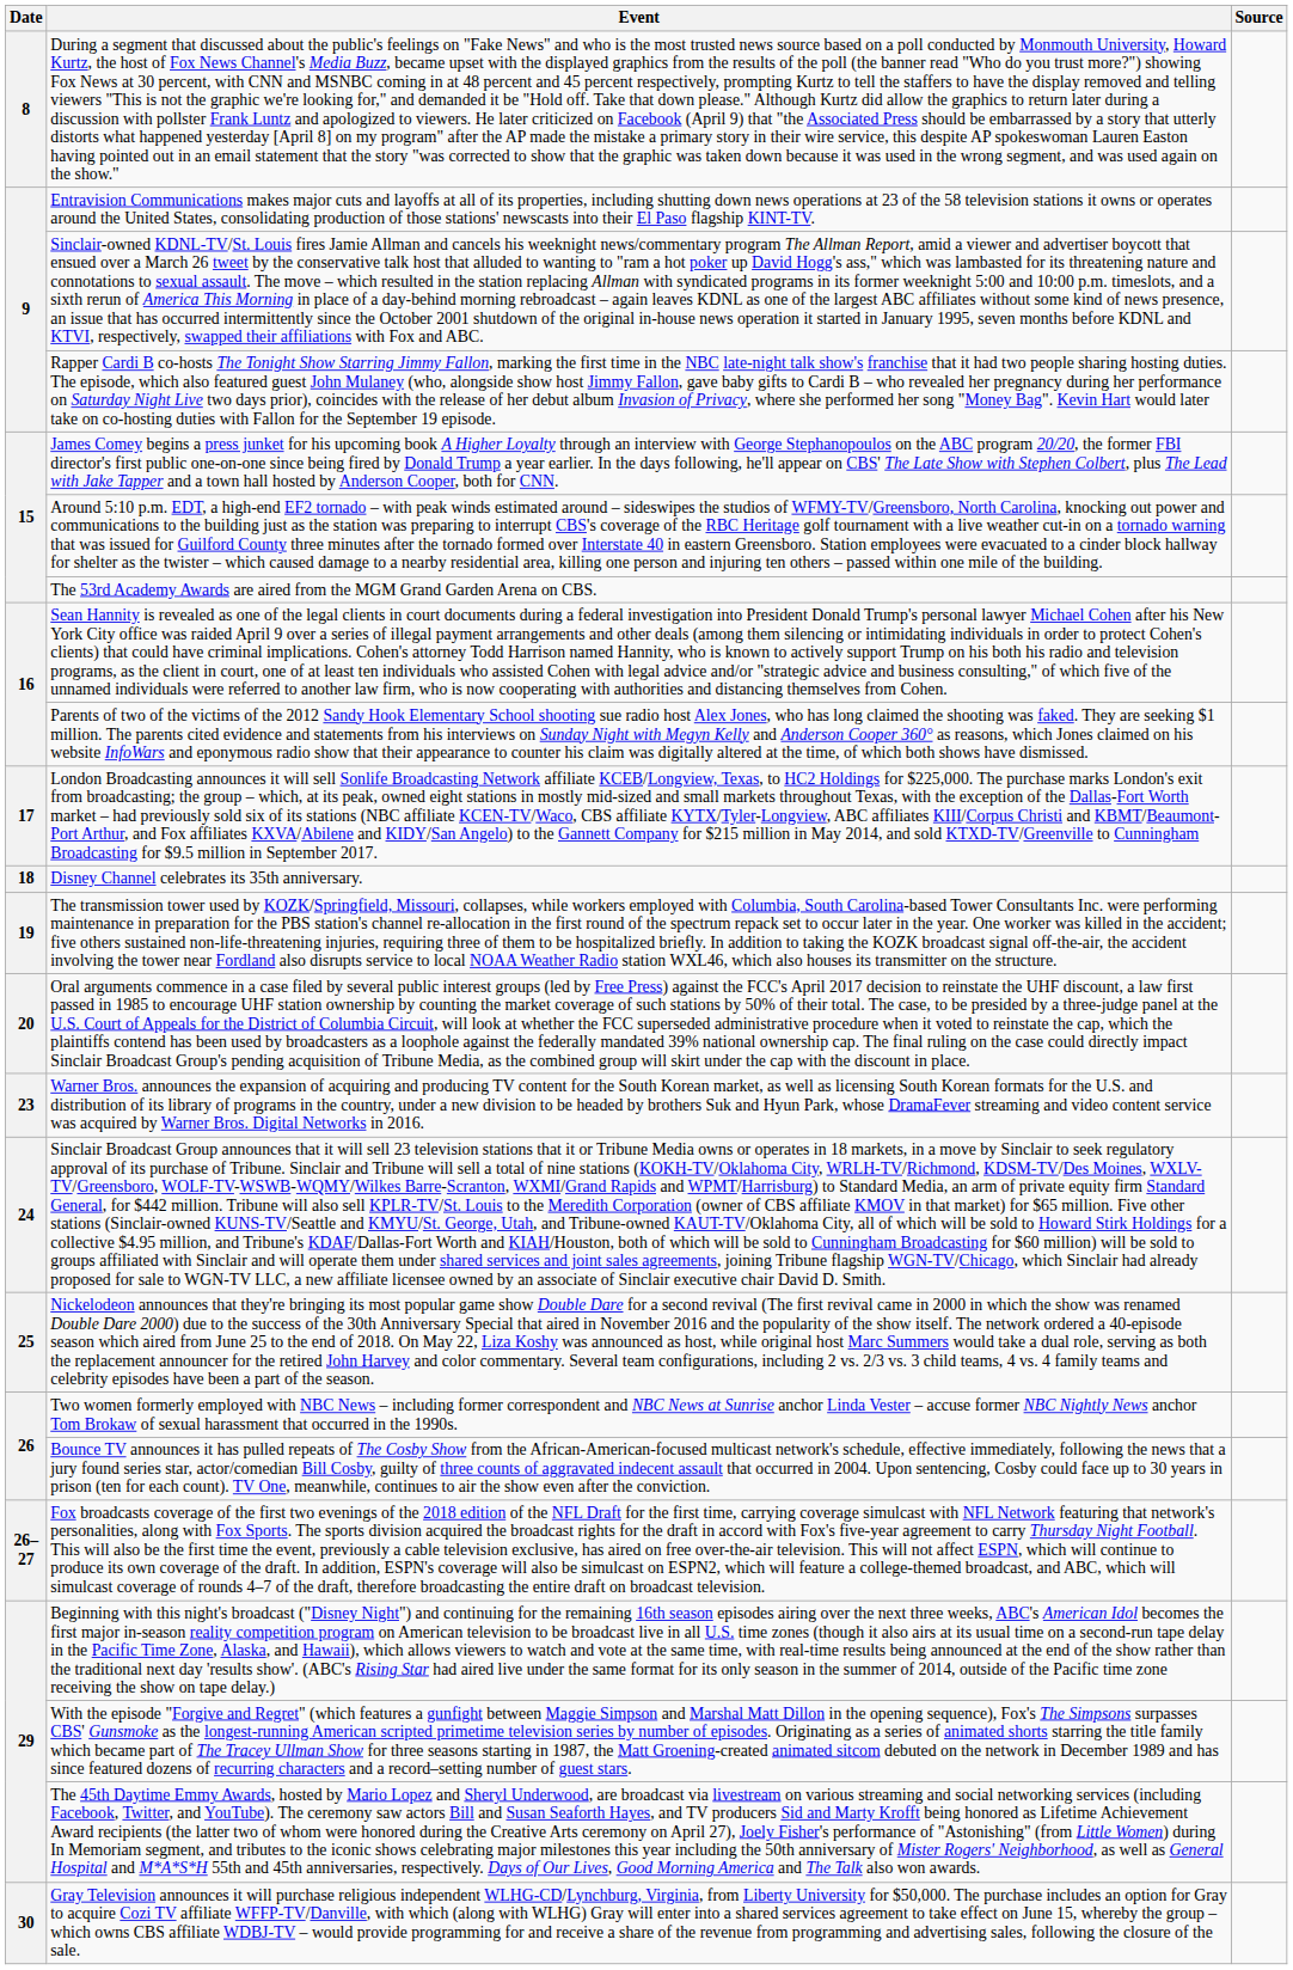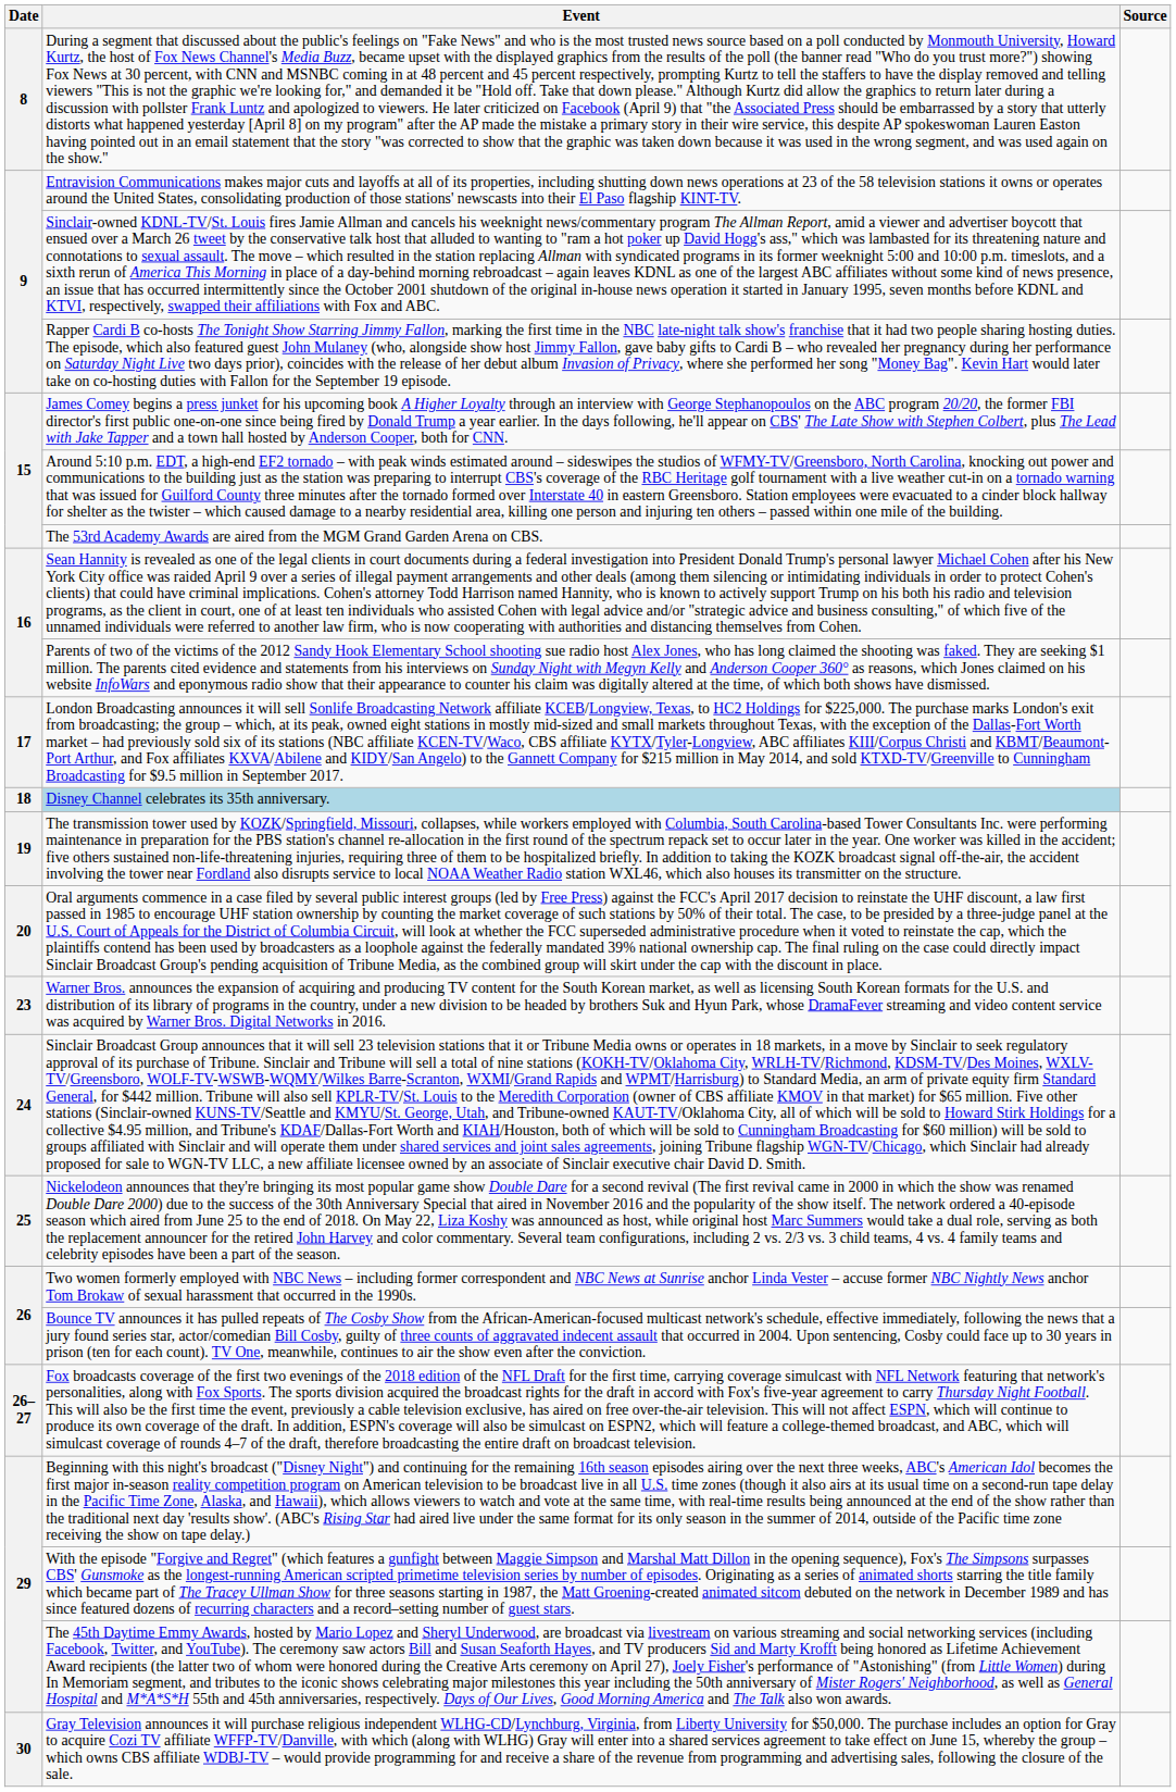 <table class="wikitable">
 <tr>
 <th>Date</th>
 <th>Event</th>
 <th>Source</th>
 </tr>
 <tr>
 <th>8</th>
 <td>During a segment that discussed about the public's feelings on "Fake News" and who is the most trusted news source based on a poll conducted by <a href='#'>Monmouth University</a>, <a href='#'>Howard Kurtz</a>, the host of <a href='#'>Fox News Channel</a>'s <em><a href='#'>Media Buzz</a></em>, became upset with the displayed graphics from the results of the poll (the banner read "Who do you trust more?") showing Fox News at 30 percent, with CNN and MSNBC coming in at 48 percent and 45 percent respectively, prompting Kurtz to tell the staffers to have the display removed and telling viewers "This is not the graphic we're looking for," and demanded it be "Hold off. Take that down please." Although Kurtz did allow the graphics to return later during a discussion with pollster <a href='#'>Frank Luntz</a> and apologized to viewers. He later criticized on <a href='#'>Facebook</a> (April 9) that "the <a href='#'>Associated Press</a> should be embarrassed by a story that utterly distorts what happened yesterday [April 8] on my program" after the AP made the mistake a primary story in their wire service, this despite AP spokeswoman Lauren Easton having pointed out in an email statement that the story "was corrected to show that the graphic was taken down because it was used in the wrong segment, and was used again on the show."</td>
 <td></td>
 </tr>
 <tr>
 <th rowspan=3>9</th>
 <td><a href='#'>Entravision Communications</a> makes major cuts and layoffs at all of its properties, including shutting down news operations at 23 of the 58 television stations it owns or operates around the United States, consolidating production of those stations' newscasts into their <a href='#'>El Paso</a> flagship <a href='#'>KINT-TV</a>.</td>
 <td></td>
 </tr>
 <tr>
 <td><a href='#'>Sinclair</a>-owned <a href='#'>KDNL-TV</a>/<a href='#'>St. Louis</a> fires Jamie Allman and cancels his weeknight news/commentary program <em>The Allman Report</em>, amid a viewer and advertiser boycott that ensued over a March 26 <a href='#'>tweet</a> by the conservative talk host that alluded to wanting to "ram a hot <a href='#'>poker</a> up <a href='#'>David Hogg</a>'s ass," which was lambasted for its threatening nature and connotations to <a href='#'>sexual assault</a>. The move – which resulted in the station replacing <em>Allman</em> with syndicated programs in its former weeknight 5:00 and 10:00 p.m. timeslots, and a sixth rerun of <em><a href='#'>America This Morning</a></em> in place of a day-behind morning rebroadcast – again leaves KDNL as one of the largest ABC affiliates without some kind of news presence, an issue that has occurred intermittently since the October 2001 shutdown of the original in-house news operation it started in January 1995, seven months before KDNL and <a href='#'>KTVI</a>, respectively, <a href='#'>swapped their affiliations</a> with Fox and ABC.</td>
 <td></td>
 </tr>
 <tr>
 <td>Rapper <a href='#'>Cardi B</a> co-hosts <em><a href='#'>The Tonight Show Starring Jimmy Fallon</a></em>, marking the first time in the <a href='#'>NBC</a> <a href='#'>late-night talk show's</a> <a href='#'>franchise</a> that it had two people sharing hosting duties. The episode, which also featured guest <a href='#'>John Mulaney</a> (who, alongside show host <a href='#'>Jimmy Fallon</a>, gave baby gifts to Cardi B – who revealed her pregnancy during her performance on <em><a href='#'>Saturday Night Live</a></em> two days prior), coincides with the release of her debut album <em><a href='#'>Invasion of Privacy</a></em>, where she performed her song "<a href='#'>Money Bag</a>". <a href='#'>Kevin Hart</a> would later take on co-hosting duties with Fallon for the September 19 episode.</td>
 <td></td>
 </tr>
 <tr>
 <th rowspan="3">15</th>
 <td><a href='#'>James Comey</a> begins a <a href='#'>press junket</a> for his upcoming book <em><a href='#'>A Higher Loyalty</a></em> through an interview with <a href='#'>George Stephanopoulos</a> on the <a href='#'>ABC</a> program <em><a href='#'>20/20</a></em>, the former <a href='#'>FBI</a> director's first public one-on-one since being fired by <a href='#'>Donald Trump</a> a year earlier. In the days following, he'll appear on <a href='#'>CBS</a>' <em><a href='#'>The Late Show with Stephen Colbert</a></em>, plus <em><a href='#'>The Lead with Jake Tapper</a></em> and a town hall hosted by <a href='#'>Anderson Cooper</a>, both for <a href='#'>CNN</a>.</td>
 <td></td>
 </tr>
 <tr>
 <td>Around 5:10 p.m. <a href='#'>EDT</a>, a high-end <a href='#'>EF2 tornado</a> – with peak winds estimated around  – sideswipes the studios of <a href='#'>WFMY-TV</a>/<a href='#'>Greensboro, North Carolina</a>, knocking out power and communications to the building just as the station was preparing to interrupt <a href='#'>CBS</a>'s coverage of the <a href='#'>RBC Heritage</a> golf tournament with a live weather cut-in on a <a href='#'>tornado warning</a> that was issued for <a href='#'>Guilford County</a> three minutes after the tornado formed over <a href='#'>Interstate 40</a> in eastern Greensboro. Station employees were evacuated to a cinder block hallway for shelter as the twister – which caused damage to a nearby residential area, killing one person and injuring ten others – passed within one mile of the building.</td>
 <td></td>
 </tr>
 <tr>
 <td>The <a href='#'>53rd Academy Awards</a> are aired from the MGM Grand Garden Arena on CBS.</td>
 <td></td>
 </tr>
 <tr>
 <th rowspan=2>16</th>
 <td><a href='#'>Sean Hannity</a> is revealed as one of the legal clients in court documents during a federal investigation into President Donald Trump's personal lawyer <a href='#'>Michael Cohen</a> after his New York City office was raided April 9 over a series of illegal payment arrangements and other deals (among them silencing or intimidating individuals in order to protect Cohen's clients) that could have criminal implications. Cohen's attorney Todd Harrison named Hannity, who is known to actively support Trump on his both his radio and television programs, as the client in court, one of at least ten individuals who assisted Cohen with legal advice and/or "strategic advice and business consulting," of which five of the unnamed individuals were referred to another law firm, who is now cooperating with authorities and distancing themselves from Cohen.</td>
 <td></td>
 </tr>
 <tr>
 <td>Parents of two of the victims of the 2012 <a href='#'>Sandy Hook Elementary School shooting</a> sue radio host <a href='#'>Alex Jones</a>, who has long claimed the shooting was <a href='#'>faked</a>. They are seeking $1 million. The parents cited evidence and statements from his interviews on <em><a href='#'>Sunday Night with Megyn Kelly</a></em> and <em><a href='#'>Anderson Cooper 360°</a></em> as reasons, which Jones claimed on his website <em><a href='#'>InfoWars</a></em> and eponymous radio show that their appearance to counter his claim was digitally altered at the time, of which both shows have dismissed.</td>
 <td></td>
 </tr>
 <tr>
 <th>17</th>
 <td>London Broadcasting announces it will sell <a href='#'>Sonlife Broadcasting Network</a> affiliate <a href='#'>KCEB</a>/<a href='#'>Longview, Texas</a>, to <a href='#'>HC2 Holdings</a> for $225,000. The purchase marks London's exit from broadcasting; the group – which, at its peak, owned eight stations in mostly mid-sized and small markets throughout Texas, with the exception of the <a href='#'>Dallas</a>-<a href='#'>Fort Worth</a> market – had previously sold six of its stations (NBC affiliate <a href='#'>KCEN-TV</a>/<a href='#'>Waco</a>, CBS affiliate <a href='#'>KYTX</a>/<a href='#'>Tyler</a>-<a href='#'>Longview</a>, ABC affiliates <a href='#'>KIII</a>/<a href='#'>Corpus Christi</a> and <a href='#'>KBMT</a>/<a href='#'>Beaumont</a>-<a href='#'>Port Arthur</a>, and Fox affiliates <a href='#'>KXVA</a>/<a href='#'>Abilene</a> and <a href='#'>KIDY</a>/<a href='#'>San Angelo</a>) to the <a href='#'>Gannett Company</a> for $215 million in May 2014, and sold <a href='#'>KTXD-TV</a>/<a href='#'>Greenville</a> to <a href='#'>Cunningham Broadcasting</a> for $9.5 million in September 2017.</td>
 <td></td>
 </tr>
 <tr>
 <th>18</th>
-<td><a href='#'>Disney Channel</a> celebrates its 35th anniversary.</td>
+<td style="background: lightblue;"><a href='#'>Disney Channel</a> celebrates its 35th anniversary.</td>
 <td></td>
 </tr>
 <tr>
 <th>19</th>
 <td>The transmission tower used by <a href='#'>KOZK</a>/<a href='#'>Springfield, Missouri</a>, collapses, while workers employed with <a href='#'>Columbia, South Carolina</a>-based Tower Consultants Inc. were performing maintenance in preparation for the PBS station's channel re-allocation in the first round of the spectrum repack set to occur later in the year. One worker was killed in the accident; five others sustained non-life-threatening injuries, requiring three of them to be hospitalized briefly. In addition to taking the KOZK broadcast signal off-the-air, the accident involving the  tower near <a href='#'>Fordland</a> also disrupts service to local <a href='#'>NOAA Weather Radio</a> station WXL46, which also houses its transmitter on the structure.</td>
 <td></td>
 </tr>
 <tr>
 <th>20</th>
 <td>Oral arguments commence in a case filed by several public interest groups (led by <a href='#'>Free Press</a>) against the FCC's April 2017 decision to reinstate the UHF discount, a law first passed in 1985 to encourage UHF station ownership by counting the market coverage of such stations by 50% of their total. The case, to be presided by a three-judge panel at the <a href='#'>U.S. Court of Appeals for the District of Columbia Circuit</a>, will look at whether the FCC superseded administrative procedure when it voted to reinstate the cap, which the plaintiffs contend has been used by broadcasters as a loophole against the federally mandated 39% national ownership cap. The final ruling on the case could directly impact Sinclair Broadcast Group's pending acquisition of Tribune Media, as the combined group will skirt under the cap with the discount in place.</td>
 <td></td>
 </tr>
 <tr>
 <th>23</th>
 <td><a href='#'>Warner Bros.</a> announces the expansion of acquiring and producing TV content for the South Korean market, as well as licensing South Korean formats for the U.S. and distribution of its library of programs in the country, under a new division to be headed by brothers Suk and Hyun Park, whose <a href='#'>DramaFever</a> streaming and video content service was acquired by <a href='#'>Warner Bros. Digital Networks</a> in 2016.</td>
 <td></td>
 </tr>
 <tr>
 <th>24</th>
 <td>Sinclair Broadcast Group announces that it will sell 23 television stations that it or Tribune Media owns or operates in 18 markets, in a move by Sinclair to seek regulatory approval of its purchase of Tribune. Sinclair and Tribune will sell a total of nine stations (<a href='#'>KOKH-TV</a>/<a href='#'>Oklahoma City</a>, <a href='#'>WRLH-TV</a>/<a href='#'>Richmond</a>, <a href='#'>KDSM-TV</a>/<a href='#'>Des Moines</a>, <a href='#'>WXLV-TV</a>/<a href='#'>Greensboro</a>, <a href='#'>WOLF-TV</a>-<a href='#'>WSWB</a>-<a href='#'>WQMY</a>/<a href='#'>Wilkes Barre</a>-<a href='#'>Scranton</a>, <a href='#'>WXMI</a>/<a href='#'>Grand Rapids</a> and <a href='#'>WPMT</a>/<a href='#'>Harrisburg</a>) to Standard Media, an arm of private equity firm <a href='#'>Standard General</a>, for $442 million. Tribune will also sell <a href='#'>KPLR-TV</a>/<a href='#'>St. Louis</a> to the <a href='#'>Meredith Corporation</a> (owner of CBS affiliate <a href='#'>KMOV</a> in that market) for $65 million. Five other stations (Sinclair-owned <a href='#'>KUNS-TV</a>/Seattle and <a href='#'>KMYU</a>/<a href='#'>St. George, Utah</a>, and Tribune-owned <a href='#'>KAUT-TV</a>/Oklahoma City, all of which will be sold to <a href='#'>Howard Stirk Holdings</a> for a collective $4.95 million, and Tribune's <a href='#'>KDAF</a>/Dallas-Fort Worth and <a href='#'>KIAH</a>/Houston, both of which will be sold to <a href='#'>Cunningham Broadcasting</a> for $60 million) will be sold to groups affiliated with Sinclair and will operate them under <a href='#'>shared services and joint sales agreements</a>, joining Tribune flagship <a href='#'>WGN-TV</a>/<a href='#'>Chicago</a>, which Sinclair had already proposed for sale to WGN-TV LLC, a new affiliate licensee owned by an associate of Sinclair executive chair David D. Smith.</td>
 <td></td>
 </tr>
 <tr>
 <th>25</th>
 <td><a href='#'>Nickelodeon</a> announces that they're bringing its most popular game show <em><a href='#'>Double Dare</a></em> for a second revival (The first revival came in 2000 in which the show was renamed <em>Double Dare 2000</em>) due to the success of the 30th Anniversary Special that aired in November 2016 and the popularity of the show itself. The network ordered a 40-episode season which aired from June 25 to the end of 2018. On May 22, <a href='#'>Liza Koshy</a> was announced as host, while original host <a href='#'>Marc Summers</a> would take a dual role, serving as both the replacement announcer for the retired <a href='#'>John Harvey</a> and color commentary. Several team configurations, including 2 vs. 2/3 vs. 3 child teams, 4 vs. 4 family teams and celebrity episodes have been a part of the season.</td>
 <td></td>
 </tr>
 <tr>
 <th rowspan=2>26</th>
 <td>Two women formerly employed with <a href='#'>NBC News</a> – including former correspondent and <em><a href='#'>NBC News at Sunrise</a></em> anchor <a href='#'>Linda Vester</a> – accuse former <em><a href='#'>NBC Nightly News</a></em> anchor <a href='#'>Tom Brokaw</a> of sexual harassment that occurred in the 1990s.</td>
 <td></td>
 </tr>
 <tr>
 <td><a href='#'>Bounce TV</a> announces it has pulled repeats of <em><a href='#'>The Cosby Show</a></em> from the African-American-focused multicast network's schedule, effective immediately, following the news that a jury found series star, actor/comedian <a href='#'>Bill Cosby</a>, guilty of <a href='#'>three counts of aggravated indecent assault</a> that occurred in 2004. Upon sentencing, Cosby could face up to 30 years in prison (ten for each count). <a href='#'>TV One</a>, meanwhile, continues to air the show even after the conviction.</td>
 <td></td>
 </tr>
 <tr>
 <th>26–27</th>
 <td><a href='#'>Fox</a> broadcasts coverage of the first two evenings of the <a href='#'>2018 edition</a> of the <a href='#'>NFL Draft</a> for the first time, carrying coverage simulcast with <a href='#'>NFL Network</a> featuring that network's personalities, along with <a href='#'>Fox Sports</a>. The sports division acquired the broadcast rights for the draft in accord with Fox's five-year agreement to carry <em><a href='#'>Thursday Night Football</a></em>. This will also be the first time the event, previously a cable television exclusive, has aired on free over-the-air television. This will not affect <a href='#'>ESPN</a>, which will continue to produce its own coverage of the draft. In addition, ESPN's coverage will also be simulcast on ESPN2, which will feature a college-themed broadcast, and ABC, which will simulcast coverage of rounds 4–7 of the draft, therefore broadcasting the entire draft on broadcast television.</td>
 <td></td>
 </tr>
 <tr>
 <th rowspan=3>29</th>
 <td>Beginning with this night's broadcast ("<a href='#'>Disney Night</a>") and continuing for the remaining <a href='#'>16th season</a> episodes airing over the next three weeks, <a href='#'>ABC</a>'s <em><a href='#'>American Idol</a></em> becomes the first major in-season <a href='#'>reality competition program</a> on American television to be broadcast live in all <a href='#'>U.S.</a> time zones (though it also airs at its usual time on a second-run tape delay in the <a href='#'>Pacific Time Zone</a>, <a href='#'>Alaska</a>, and <a href='#'>Hawaii</a>), which allows viewers to watch and vote at the same time, with real-time results being announced at the end of the show rather than the traditional next day 'results show'. (ABC's <em><a href='#'>Rising Star</a></em> had aired live under the same format for its only season in the summer of 2014, outside of the Pacific time zone receiving the show on tape delay.)</td>
 <td></td>
 </tr>
 <tr>
 <td>With the episode "<a href='#'>Forgive and Regret</a>" (which features a <a href='#'>gunfight</a> between <a href='#'>Maggie Simpson</a> and <a href='#'>Marshal Matt Dillon</a> in the opening sequence), Fox's <em><a href='#'>The Simpsons</a></em> surpasses <a href='#'>CBS</a>' <em><a href='#'>Gunsmoke</a></em> as the <a href='#'>longest-running American scripted primetime television series by number of episodes</a>. Originating as a series of <a href='#'>animated shorts</a> starring the title family which became part of <em><a href='#'>The Tracey Ullman Show</a></em> for three seasons starting in 1987, the <a href='#'>Matt Groening</a>-created <a href='#'>animated sitcom</a> debuted on the network in December 1989 and has since featured dozens of <a href='#'>recurring characters</a> and a record–setting number of <a href='#'>guest stars</a>.</td>
 <td></td>
 </tr>
 <tr>
 <td>The <a href='#'>45th Daytime Emmy Awards</a>, hosted by <a href='#'>Mario Lopez</a> and <a href='#'>Sheryl Underwood</a>, are broadcast via <a href='#'>livestream</a> on various streaming and social networking services (including <a href='#'>Facebook</a>, <a href='#'>Twitter</a>, and <a href='#'>YouTube</a>). The ceremony saw actors <a href='#'>Bill</a> and <a href='#'>Susan Seaforth Hayes</a>, and TV producers <a href='#'>Sid and Marty Krofft</a> being honored as Lifetime Achievement Award recipients (the latter two of whom were honored during the Creative Arts ceremony on April 27), <a href='#'>Joely Fisher</a>'s performance of "Astonishing" (from <em><a href='#'>Little Women</a></em>) during In Memoriam segment, and tributes to the iconic shows celebrating major milestones this year including the 50th anniversary of <em><a href='#'>Mister Rogers' Neighborhood</a></em>, as well as <em><a href='#'>General Hospital</a></em> and <em><a href='#'>M*A*S*H</a></em> 55th and 45th anniversaries, respectively. <em><a href='#'>Days of Our Lives</a></em>, <em><a href='#'>Good Morning America</a></em> and <em><a href='#'>The Talk</a></em> also won awards.</td>
 <td></td>
 </tr>
 <tr>
 <th>30</th>
 <td><a href='#'>Gray Television</a> announces it will purchase religious independent <a href='#'>WLHG-CD</a>/<a href='#'>Lynchburg, Virginia</a>, from <a href='#'>Liberty University</a> for $50,000. The purchase includes an option for Gray to acquire <a href='#'>Cozi TV</a> affiliate <a href='#'>WFFP-TV</a>/<a href='#'>Danville</a>, with which (along with WLHG) Gray will enter into a shared services agreement to take effect on June 15, whereby the group – which owns CBS affiliate <a href='#'>WDBJ-TV</a> – would provide programming for and receive a share of the revenue from programming and advertising sales, following the closure of the sale.</td>
 <td></td>
 </tr>
 </table>
